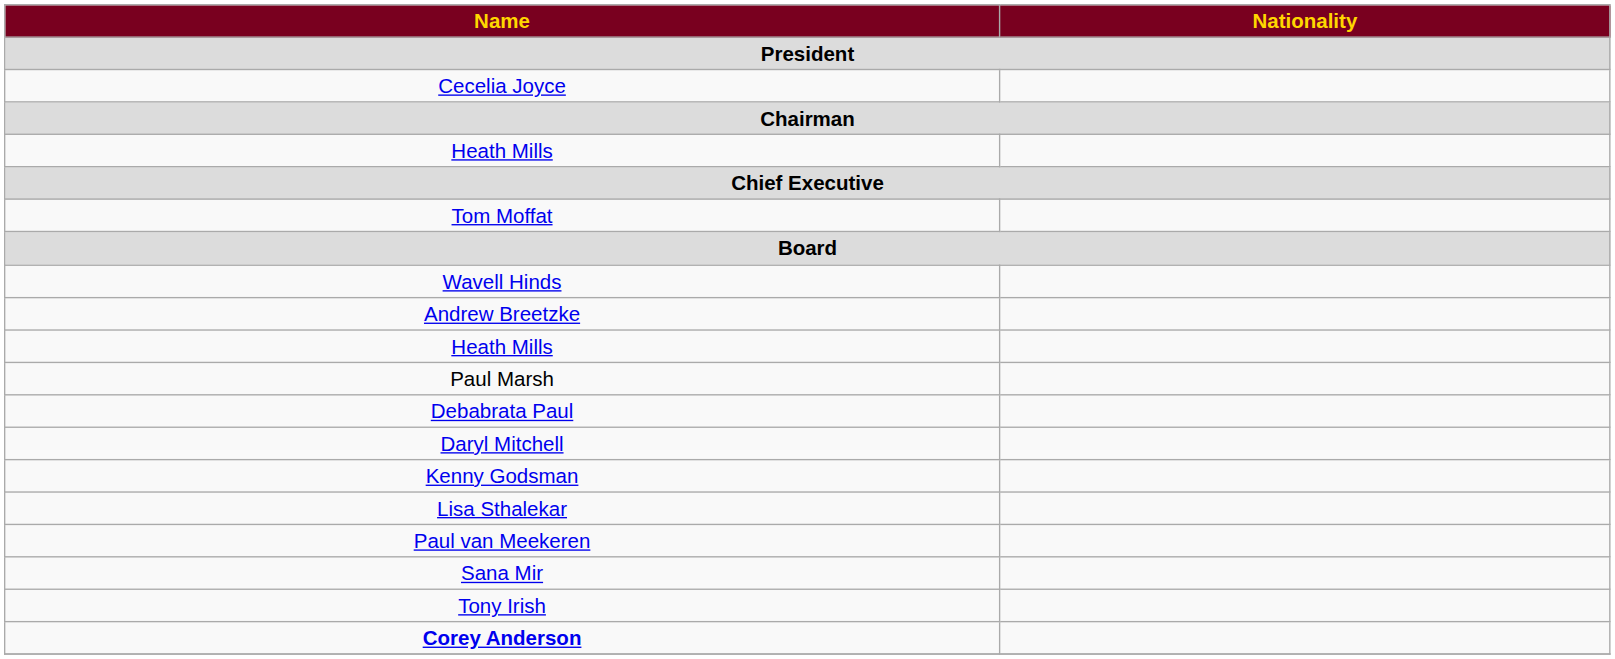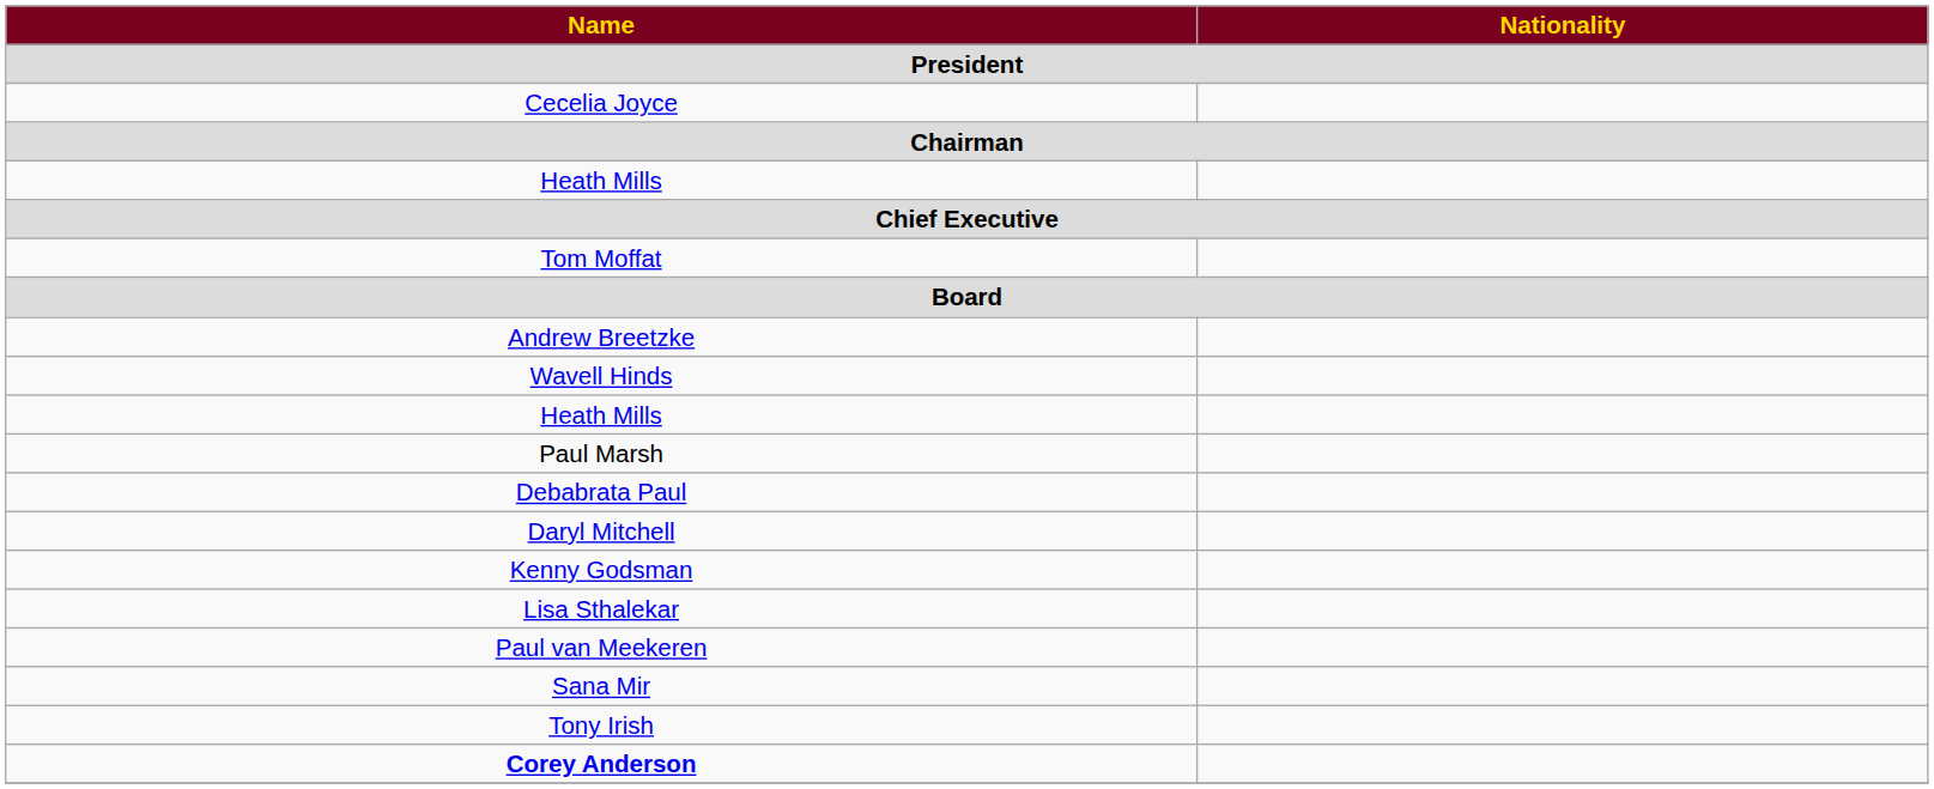 <table class="wikitable"  style="font-size:95%; width:60%;">
 <tr>
 <th style="background:#79001f; color:gold; text-align:center;">Name</th>
 <th style="background:#79001f; color:gold; text-align:center;">Nationality</th>
 </tr>
 <tr>
 <th colspan="2"  style="background:#dcdcdc; text-align:center;">President</th>
 </tr>
 <tr>
 <td style="text-align:center"><a href='#'>Cecelia Joyce</a></td>
 <td style="text-align:center"></td>
 </tr>
 <tr>
 <th colspan="2"  style="background:#dcdcdc; text-align:center;">Chairman</th>
 </tr>
 <tr>
 <td style="text-align:center"><a href='#'>Heath Mills</a></td>
 <td style="text-align:center"></td>
 </tr>
 <tr>
 <th colspan="2"  style="background:#dcdcdc; text-align:center;">Chief Executive</th>
 </tr>
 <tr>
 <td style="text-align:center"><a href='#'>Tom Moffat</a></td>
 <td style="text-align:center"></td>
 </tr>
 <tr>
 <th colspan="2"  style="background:#dcdcdc; text-align:center;">Board</th>
 </tr>
 <tr>
-<td style="text-align:center"><a href='#'>Wavell Hinds</a></td>
+<td style="text-align:center"><a href='#'>Andrew Breetzke</a></td>
 <td style="text-align:center"></td>
 </tr>
 <tr>
-<td style="text-align:center"><a href='#'>Andrew Breetzke</a></td>
+<td style="text-align:center"><a href='#'>Wavell Hinds</a></td>
 <td style="text-align:center"></td>
 </tr>
 <tr>
 <td style="text-align:center"><a href='#'>Heath Mills</a></td>
 <td style="text-align:center"></td>
 </tr>
 <tr>
 <td style="text-align:center">Paul Marsh</td>
 <td style="text-align:center"></td>
 </tr>
 <tr>
 <td style="text-align:center"><a href='#'>Debabrata Paul</a></td>
 <td style="text-align:center"></td>
 </tr>
 <tr>
 <td style="text-align:center"><a href='#'>Daryl Mitchell</a></td>
 <td style="text-align:center"></td>
 </tr>
 <tr>
 <td style="text-align:center"><a href='#'>Kenny Godsman</a></td>
 <td style="text-align:center"></td>
 </tr>
 <tr>
 <td style="text-align:center"><a href='#'>Lisa Sthalekar</a></td>
 <td style="text-align:center"></td>
 </tr>
 <tr>
 <td style="text-align:center"><a href='#'>Paul van Meekeren</a></td>
 <td style="text-align:center"></td>
 </tr>
 <tr>
 <td style="text-align:center"><a href='#'>Sana Mir</a></td>
 <td style="text-align:center"></td>
 </tr>
 <tr>
 <td style="text-align:center"><a href='#'>Tony Irish</a></td>
 <td style="text-align:center"></td>
 </tr>
 <tr>
 <td style="text-align:center"><strong><a href='#'>Corey Anderson</a></strong></td>
 <td style="text-align:center"></td>
 </tr>
 <tr>
 </tr>
 </table>
